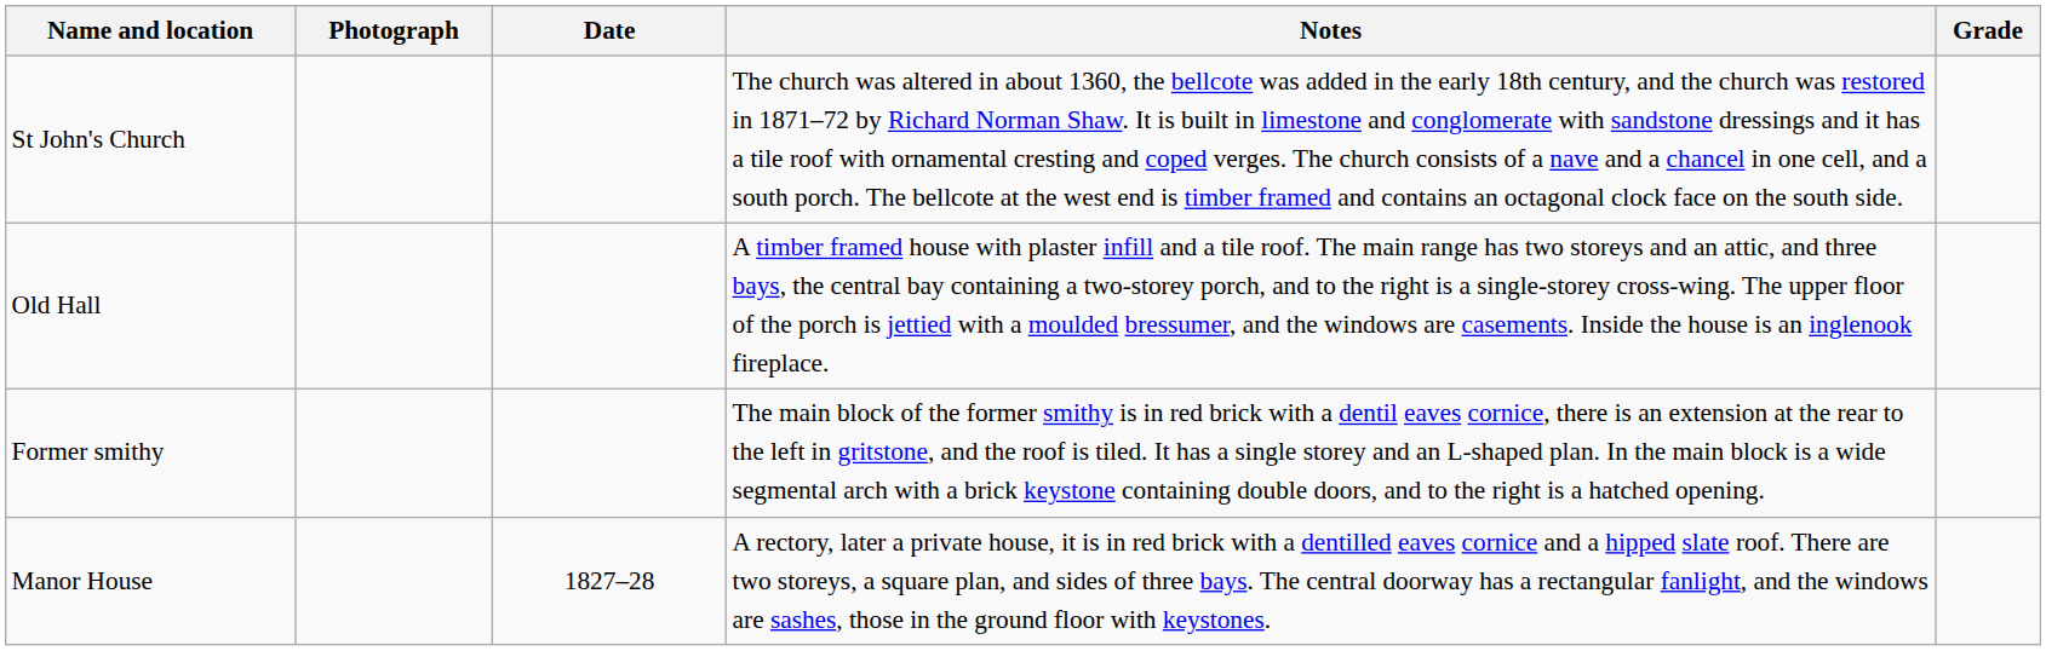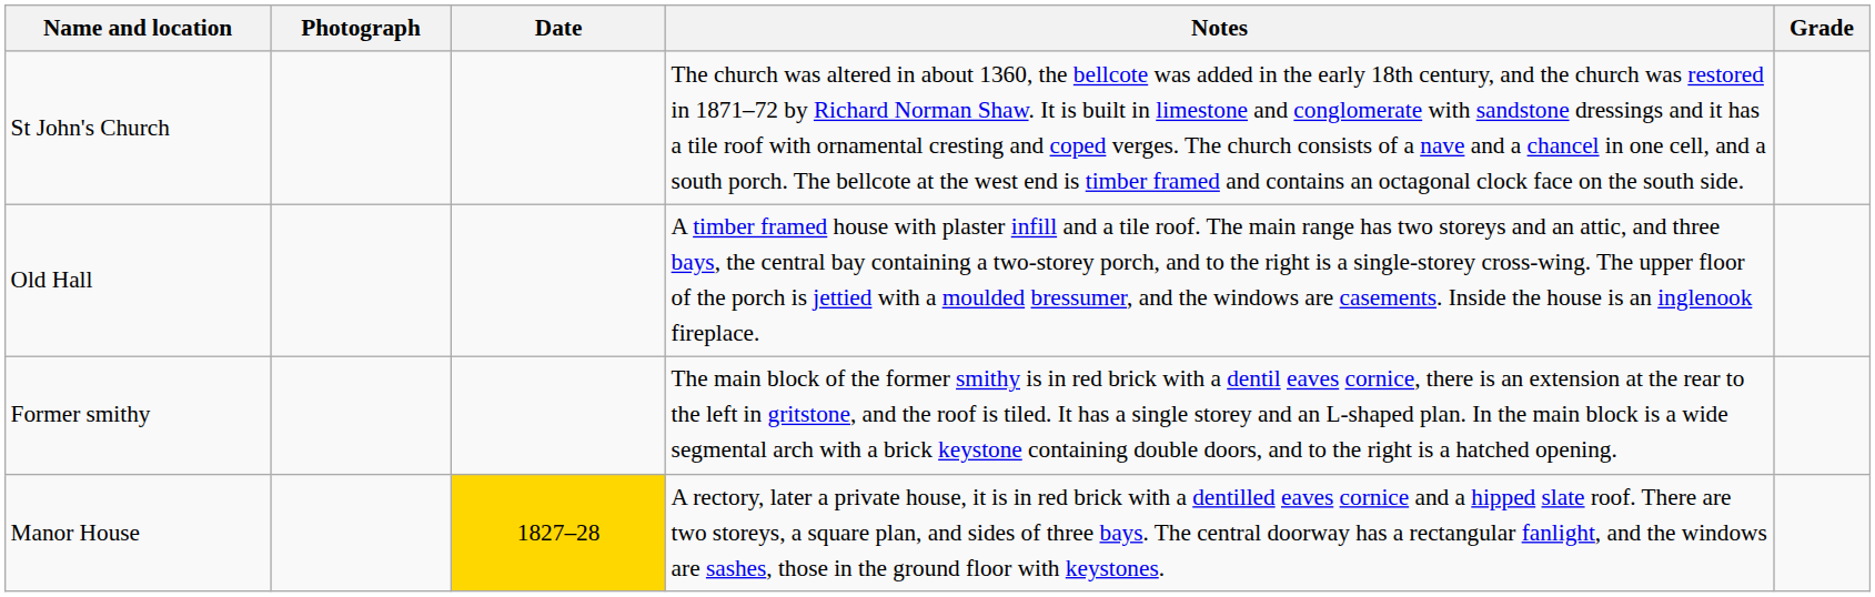 <table class="wikitable sortable plainrowheaders" style="width:100%; border:0; text-align:left; line-height:150%;">
 <tr>
 <th scope="col"  style="width:150px">Name and location</th>
 <th scope="col"  style="width:100px" class="unsortable">Photograph</th>
 <th scope="col"  style="width:120px">Date</th>
 <th scope="col"  style="width:650px" class="unsortable">Notes</th>
 <th scope="col"  style="width:50px">Grade</th>
 </tr>
 <tr>
 <td>St John's Church<br><small></small></td>
 <td></td>
 <td align="center"></td>
 <td>The church was altered in about 1360, the <a href='#'>bellcote</a> was added in the early 18th century, and the church was <a href='#'>restored</a> in 1871–72 by <a href='#'>Richard Norman Shaw</a>.  It is built in <a href='#'>limestone</a> and <a href='#'>conglomerate</a> with <a href='#'>sandstone</a> dressings and it has a tile roof with ornamental cresting and <a href='#'>coped</a> verges.  The church consists of a <a href='#'>nave</a> and a <a href='#'>chancel</a> in one cell, and a south porch.  The bellcote at the west end is <a href='#'>timber framed</a> and contains an octagonal clock face on the south side.</td>
 <td align="center" ></td>
 </tr>
 <tr>
 <td>Old Hall<br><small></small></td>
 <td></td>
 <td align="center"></td>
 <td>A <a href='#'>timber framed</a> house with plaster <a href='#'>infill</a> and a tile roof.  The main range has two storeys and an attic, and three <a href='#'>bays</a>, the central bay containing a two-storey porch, and to the right is a single-storey cross-wing.  The upper floor of the porch is <a href='#'>jettied</a> with a <a href='#'>moulded</a> <a href='#'>bressumer</a>, and the windows are <a href='#'>casements</a>.  Inside the house is an <a href='#'>inglenook</a> fireplace.</td>
 <td align="center" ></td>
 </tr>
 <tr>
 <td>Former smithy<br><small></small></td>
 <td></td>
 <td align="center"></td>
 <td>The main block of the former <a href='#'>smithy</a> is in red brick with a <a href='#'>dentil</a> <a href='#'>eaves</a> <a href='#'>cornice</a>, there is an extension at the rear to the left in <a href='#'>gritstone</a>, and the roof is tiled.  It has a single storey and an L-shaped plan.  In the main block is a wide segmental arch with a brick <a href='#'>keystone</a> containing double doors, and to the right is a hatched opening.</td>
 <td align="center" ></td>
 </tr>
 <tr>
 <td>Manor House<br><small></small></td>
 <td></td>
-<td align="center">1827–28</td>
+<td align="center" style="background: gold;">1827–28</td>
 <td>A rectory, later a private house, it is in red brick with a <a href='#'>dentilled</a> <a href='#'>eaves</a> <a href='#'>cornice</a> and a <a href='#'>hipped</a> <a href='#'>slate</a> roof.  There are two storeys, a square plan, and sides of three <a href='#'>bays</a>.  The central doorway has a rectangular <a href='#'>fanlight</a>, and the windows are <a href='#'>sashes</a>, those in the ground floor with <a href='#'>keystones</a>.</td>
 <td align="center" ></td>
 </tr>
 <tr>
 </tr>
 </table>
